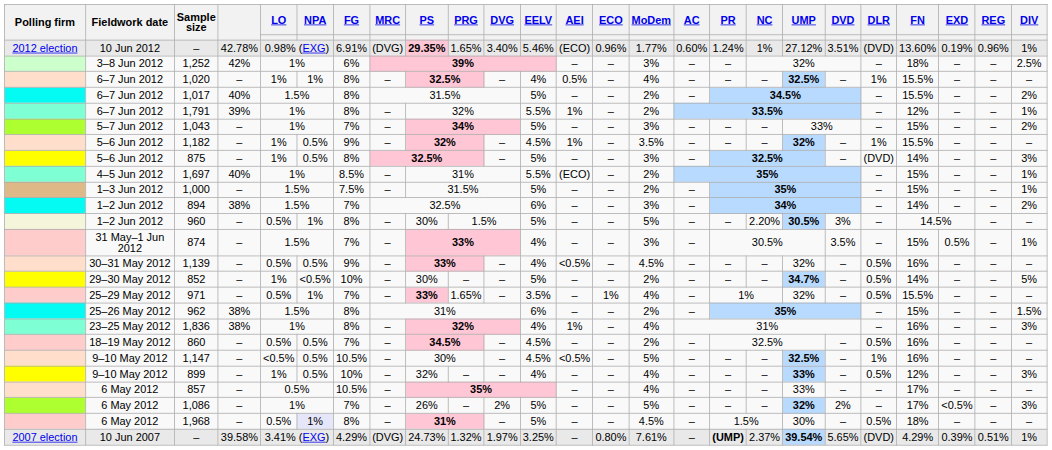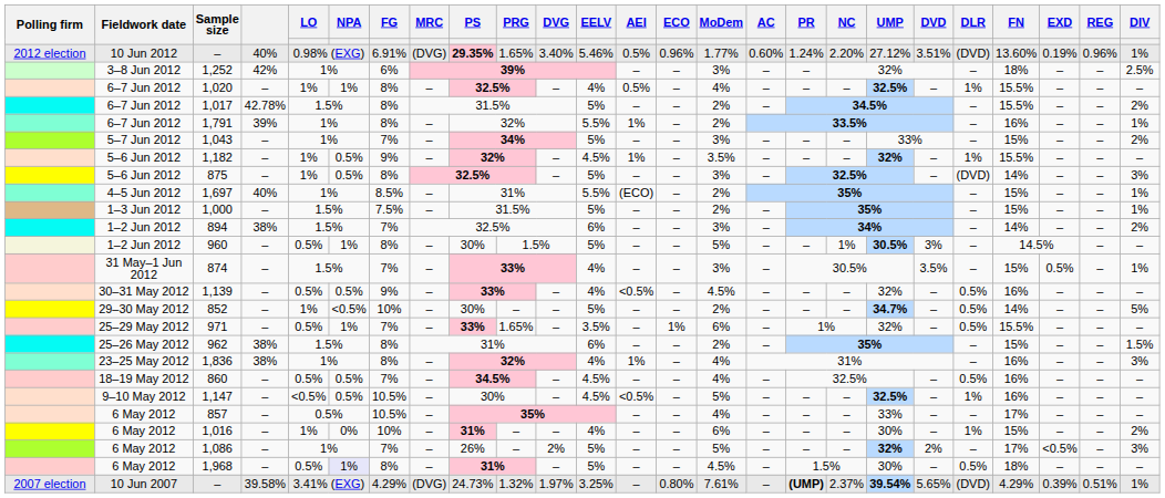 <table class="wikitable sortable" style="text-align:center;font-size:90%;line-height:14px;">
 <tr style="height:40px;">
 <th style="width:100px;" rowspan="2">Polling firm</th>
 <th style="width:110px;" rowspan="2">Fieldwork date</th>
 <th style="width:35px;" rowspan="2">Sample<br>size</th>
 <th style="width:30px;" rowspan="2"></th>
 <th class="unsortable" style="width:40px;"><a href='#'>LO</a></th>
 <th class="unsortable" style="width:40px;"><a href='#'>NPA</a></th>
 <th class="unsortable" style="width:40px;"><a href='#'>FG</a></th>
 <th class="unsortable" style="width:40px;"><a href='#'>MRC</a></th>
 <th class="unsortable" style="width:40px;"><a href='#'>PS</a></th>
 <th class="unsortable" style="width:40px;"><a href='#'>PRG</a></th>
 <th class="unsortable" style="width:40px;"><a href='#'>DVG</a></th>
 <th class="unsortable" style="width:40px;"><a href='#'>EELV</a></th>
 <th class="unsortable" style="width:40px;"><a href='#'>AEI</a></th>
 <th class="unsortable" style="width:40px;"><a href='#'>ECO</a></th>
 <th class="unsortable" style="width:40px;"><a href='#'>MoDem</a></th>
 <th class="unsortable" style="width:40px;"><a href='#'>AC</a></th>
 <th class="unsortable" style="width:40px;"><a href='#'>PR</a></th>
 <th class="unsortable" style="width:40px;"><a href='#'>NC</a></th>
 <th class="unsortable" style="width:40px;"><a href='#'>UMP</a></th>
 <th class="unsortable" style="width:40px;"><a href='#'>DVD</a></th>
 <th class="unsortable" style="width:40px;"><a href='#'>DLR</a></th>
 <th class="unsortable" style="width:40px;"><a href='#'>FN</a></th>
 <th class="unsortable" style="width:40px;"><a href='#'>EXD</a></th>
 <th class="unsortable" style="width:40px;"><a href='#'>REG</a></th>
 <th class="unsortable" style="width:40px;"><a href='#'>DIV</a></th>
 </tr>
 <tr>
 <th style="background:"></th>
 <th style="background:"></th>
 <th style="background:"></th>
 <th style="background:"></th>
 <th style="background:"></th>
 <th style="background:"></th>
 <th style="background:"></th>
 <th style="background:"></th>
 <th style="background:"></th>
 <th style="background:"></th>
 <th style="background:"></th>
 <th style="background:"></th>
 <th style="background:"></th>
 <th style="background:"></th>
 <th style="background:"></th>
 <th style="background:"></th>
 <th style="background:"></th>
 <th style="background:"></th>
 <th style="background:"></th>
 <th style="background:"></th>
 <th style="background:"></th>
 </tr>
 <tr style="background:#E9E9E9;">
 <td><a href='#'>2012 election</a></td>
 <td data-sort-value="2012-06-10">10 Jun 2012</td>
 <td>–</td>
-<td>42.78%</td>
+<td>40%</td>
 <td colspan="2">0.98% (<a href='#'>EXG</a>)</td>
 <td>6.91%</td>
 <td>(DVG)</td>
 <td style="background:#FFC6D5;"><strong>29.35%</strong></td>
 <td>1.65%</td>
 <td>3.40%</td>
 <td>5.46%</td>
-<td>(ECO)</td>
+<td>0.5%</td>
 <td>0.96%</td>
 <td>1.77%</td>
 <td>0.60%</td>
 <td>1.24%</td>
-<td>1%</td>
+<td>2.20%</td>
 <td>27.12%</td>
 <td>3.51%</td>
 <td>(DVD)</td>
 <td>13.60%</td>
 <td>0.19%</td>
 <td>0.96%</td>
 <td>1%</td>
 </tr>
 <tr>
 <td style="background:#CCFFCC;"></td>
 <td data-sort-value="2012-06-08">3–8 Jun 2012</td>
 <td>1,252</td>
 <td>42%</td>
 <td colspan="2">1%</td>
 <td>6%</td>
 <td style="background:#FFC6D5;" colspan="5"><strong>39%</strong></td>
 <td>–</td>
 <td>–</td>
 <td>3%</td>
 <td>–</td>
 <td>–</td>
 <td colspan="3">32%</td>
 <td>–</td>
 <td>18%</td>
 <td>–</td>
 <td>–</td>
 <td>2.5%</td>
 </tr>
 <tr>
 <td style="background:#FFDFCC;"></td>
 <td data-sort-value="2012-06-07">6–7 Jun 2012</td>
 <td>1,020</td>
 <td>–</td>
 <td>1%</td>
 <td>1%</td>
 <td>8%</td>
 <td>–</td>
 <td style="background:#FFC6D5;" colspan="2"><strong>32.5%</strong></td>
 <td>–</td>
 <td>4%</td>
 <td>0.5%</td>
 <td>–</td>
 <td>4%</td>
 <td>–</td>
 <td>–</td>
 <td>–</td>
 <td style="background:#B9DAFF;"><strong>32.5%</strong></td>
 <td>–</td>
 <td>1%</td>
 <td>15.5%</td>
 <td>–</td>
 <td>–</td>
 <td>–</td>
 </tr>
 <tr>
 <td style="background:#04FBF4;"></td>
 <td data-sort-value="2012-06-07">6–7 Jun 2012</td>
 <td>1,017</td>
-<td>40%</td>
+<td>42.78%</td>
 <td colspan="2">1.5%</td>
 <td>8%</td>
 <td colspan="4">31.5%</td>
 <td>5%</td>
 <td>–</td>
 <td>–</td>
 <td>2%</td>
 <td>–</td>
 <td style="background:#B9DAFF;" colspan="4"><strong>34.5%</strong></td>
 <td>–</td>
 <td>15.5%</td>
 <td>–</td>
 <td>–</td>
 <td>2%</td>
 </tr>
 <tr>
 <td style="background:aquamarine;"></td>
 <td data-sort-value="2012-06-07">6–7 Jun 2012</td>
 <td>1,791</td>
 <td>39%</td>
 <td colspan="2">1%</td>
 <td>8%</td>
 <td>–</td>
 <td colspan="3">32%</td>
 <td>5.5%</td>
 <td>1%</td>
 <td>–</td>
 <td>2%</td>
 <td style="background:#B9DAFF;" colspan="5"><strong>33.5%</strong></td>
 <td>–</td>
-<td>12%</td>
+<td>16%</td>
 <td>–</td>
 <td>–</td>
 <td>1%</td>
 </tr>
 <tr>
 <td style="background:GreenYellow;"></td>
 <td data-sort-value="2012-06-07">5–7 Jun 2012</td>
 <td>1,043</td>
 <td>–</td>
 <td colspan="2">1%</td>
 <td>7%</td>
 <td>–</td>
 <td style="background:#FFC6D5;" colspan="3"><strong>34%</strong></td>
 <td>5%</td>
 <td>–</td>
 <td>–</td>
 <td>3%</td>
 <td>–</td>
 <td>–</td>
 <td>–</td>
 <td colspan="2">33%</td>
 <td>–</td>
 <td>15%</td>
 <td>–</td>
 <td>–</td>
 <td>2%</td>
 </tr>
 <tr>
 <td style="background:#FFDFCC;"></td>
 <td data-sort-value="2012-06-06">5–6 Jun 2012</td>
 <td>1,182</td>
 <td>–</td>
 <td>1%</td>
 <td>0.5%</td>
 <td>9%</td>
 <td>–</td>
 <td style="background:#FFC6D5;" colspan="2"><strong>32%</strong></td>
 <td>–</td>
 <td>4.5%</td>
 <td>1%</td>
 <td>–</td>
 <td>3.5%</td>
 <td>–</td>
 <td>–</td>
 <td>–</td>
 <td style="background:#B9DAFF;"><strong>32%</strong></td>
 <td>–</td>
 <td>1%</td>
 <td>15.5%</td>
 <td>–</td>
 <td>–</td>
 <td>–</td>
 </tr>
 <tr>
 <td style="background:yellow;"></td>
 <td data-sort-value="2012-06-06">5–6 Jun 2012</td>
 <td>875</td>
 <td>–</td>
 <td>1%</td>
 <td>0.5%</td>
 <td>8%</td>
 <td style="background:#FFC6D5;" colspan="3"><strong>32.5%</strong></td>
 <td>–</td>
 <td>5%</td>
 <td>–</td>
 <td>–</td>
 <td>3%</td>
 <td>–</td>
 <td style="background:#B9DAFF;" colspan="3"><strong>32.5%</strong></td>
 <td>–</td>
 <td>(DVD)</td>
 <td>14%</td>
 <td>–</td>
 <td>–</td>
 <td>3%</td>
 </tr>
 <tr>
 <td style="background:aquamarine;"></td>
 <td data-sort-value="2012-06-05">4–5 Jun 2012</td>
 <td>1,697</td>
 <td>40%</td>
 <td colspan="2">1%</td>
 <td>8.5%</td>
 <td>–</td>
 <td colspan="3">31%</td>
 <td>5.5%</td>
 <td>(ECO)</td>
 <td>–</td>
 <td>2%</td>
 <td style="background:#B9DAFF;" colspan="5"><strong>35%</strong></td>
 <td>–</td>
 <td>15%</td>
 <td>–</td>
 <td>–</td>
 <td>1%</td>
 </tr>
 <tr>
 <td style="background:burlywood;"></td>
 <td data-sort-value="2012-06-03">1–3 Jun 2012</td>
 <td>1,000</td>
 <td>–</td>
 <td colspan="2">1.5%</td>
 <td>7.5%</td>
 <td>–</td>
 <td colspan="3">31.5%</td>
 <td>5%</td>
 <td>–</td>
 <td>–</td>
 <td>2%</td>
 <td>–</td>
 <td style="background:#B9DAFF;" colspan="4"><strong>35%</strong></td>
 <td>–</td>
 <td>15%</td>
 <td>–</td>
 <td>–</td>
 <td>1%</td>
 </tr>
 <tr>
 <td style="background:#04FBF4;"></td>
 <td data-sort-value="2012-06-02">1–2 Jun 2012</td>
 <td>894</td>
 <td>38%</td>
 <td colspan="2">1.5%</td>
 <td>7%</td>
 <td colspan="4">32.5%</td>
 <td>6%</td>
 <td>–</td>
 <td>–</td>
 <td>3%</td>
 <td>–</td>
 <td style="background:#B9DAFF;" colspan="4"><strong>34%</strong></td>
 <td>–</td>
 <td>14%</td>
 <td>–</td>
 <td>–</td>
 <td>2%</td>
 </tr>
 <tr>
 <td style="background:beige;"></td>
 <td data-sort-value="2012-06-02">1–2 Jun 2012</td>
 <td>960</td>
 <td>–</td>
 <td>0.5%</td>
 <td>1%</td>
 <td>8%</td>
 <td>–</td>
 <td>30%</td>
 <td colspan="2">1.5%</td>
 <td>5%</td>
 <td>–</td>
 <td>–</td>
 <td>5%</td>
 <td>–</td>
 <td>–</td>
-<td>2.20%</td>
+<td>1%</td>
 <td style="background:#B9DAFF;"><strong>30.5%</strong></td>
 <td>3%</td>
 <td>–</td>
 <td colspan="2">14.5%</td>
 <td>–</td>
 <td>–</td>
 </tr>
 <tr>
 <td style="background:#FFCCCC;"></td>
 <td data-sort-value="2012-06-01">31 May–1 Jun 2012</td>
 <td>874</td>
 <td>–</td>
 <td colspan="2">1.5%</td>
 <td>7%</td>
 <td>–</td>
 <td style="background:#FFC6D5;" colspan="3"><strong>33%</strong></td>
 <td>4%</td>
 <td>–</td>
 <td>–</td>
 <td>3%</td>
 <td>–</td>
 <td colspan="3">30.5%</td>
 <td>3.5%</td>
 <td>–</td>
 <td>15%</td>
 <td>0.5%</td>
 <td>–</td>
 <td>1%</td>
 </tr>
 <tr>
 <td style="background:#FFDFCC;"></td>
 <td data-sort-value="2012-05-31">30–31 May 2012</td>
 <td>1,139</td>
 <td>–</td>
 <td>0.5%</td>
 <td>0.5%</td>
 <td>9%</td>
 <td>–</td>
 <td style="background:#FFC6D5;" colspan="2"><strong>33%</strong></td>
 <td>–</td>
 <td>4%</td>
 <td data-sort-value="0%"><0.5%</td>
 <td>–</td>
 <td>4.5%</td>
 <td>–</td>
 <td>–</td>
 <td>–</td>
 <td>32%</td>
 <td>–</td>
 <td>0.5%</td>
 <td>16%</td>
 <td>–</td>
 <td>–</td>
 <td>–</td>
 </tr>
 <tr>
 <td style="background:yellow;"></td>
 <td data-sort-value="2012-05-30">29–30 May 2012</td>
 <td>852</td>
 <td>–</td>
 <td>1%</td>
 <td data-sort-value="0%"><0.5%</td>
 <td>10%</td>
 <td>–</td>
 <td>30%</td>
 <td>–</td>
 <td>–</td>
 <td>5%</td>
 <td>–</td>
 <td>–</td>
 <td>2%</td>
 <td>–</td>
 <td>–</td>
 <td>–</td>
 <td style="background:#B9DAFF;"><strong>34.7%</strong></td>
 <td>–</td>
 <td>0.5%</td>
 <td>14%</td>
 <td>–</td>
 <td>–</td>
 <td>5%</td>
 </tr>
 <tr>
 <td style="background:#FFCCCC;"></td>
 <td data-sort-value="2012-05-29">25–29 May 2012</td>
 <td>971</td>
 <td>–</td>
 <td>0.5%</td>
 <td>1%</td>
 <td>7%</td>
 <td>–</td>
 <td style="background:#FFC6D5;"><strong>33%</strong></td>
 <td>1.65%</td>
 <td>–</td>
 <td>3.5%</td>
 <td>–</td>
 <td>1%</td>
-<td>4%</td>
+<td>6%</td>
 <td>–</td>
 <td colspan="2">1%</td>
 <td>32%</td>
 <td>–</td>
 <td>0.5%</td>
 <td>15.5%</td>
 <td>–</td>
 <td>–</td>
 <td>–</td>
 </tr>
 <tr>
 <td style="background:#04FBF4;"></td>
 <td data-sort-value="2012-05-26">25–26 May 2012</td>
 <td>962</td>
 <td>38%</td>
 <td colspan="2">1.5%</td>
 <td>8%</td>
 <td colspan="4">31%</td>
 <td>6%</td>
 <td>–</td>
 <td>–</td>
 <td>2%</td>
 <td>–</td>
 <td style="background:#B9DAFF;" colspan="4"><strong>35%</strong></td>
 <td>–</td>
 <td>15%</td>
 <td>–</td>
 <td>–</td>
 <td>1.5%</td>
 </tr>
 <tr>
 <td style="background:aquamarine;"></td>
 <td data-sort-value="2012-05-25">23–25 May 2012</td>
 <td>1,836</td>
 <td>38%</td>
 <td colspan="2">1%</td>
 <td>8%</td>
 <td>–</td>
 <td style="background:#FFC6D5;" colspan="3"><strong>32%</strong></td>
 <td>4%</td>
 <td>1%</td>
 <td>–</td>
 <td>4%</td>
 <td colspan="5">31%</td>
 <td>–</td>
 <td>16%</td>
 <td>–</td>
 <td>–</td>
 <td>3%</td>
 </tr>
 <tr>
 <td style="background:#FFCCCC;"></td>
 <td data-sort-value="2012-05-19">18–19 May 2012</td>
 <td>860</td>
 <td>–</td>
 <td>0.5%</td>
 <td>0.5%</td>
 <td>7%</td>
 <td>–</td>
 <td style="background:#FFC6D5;" colspan="2"><strong>34.5%</strong></td>
 <td>–</td>
 <td>4.5%</td>
 <td>–</td>
 <td>–</td>
-<td>2%</td>
+<td>4%</td>
 <td>–</td>
 <td colspan="3">32.5%</td>
 <td>–</td>
 <td>0.5%</td>
 <td>16%</td>
 <td>–</td>
 <td>–</td>
 <td>–</td>
 </tr>
 <tr>
 <td style="background:#FFDFCC;"></td>
 <td data-sort-value="2012-05-10">9–10 May 2012</td>
 <td>1,147</td>
 <td>–</td>
 <td data-sort-value="0%"><0.5%</td>
 <td>0.5%</td>
 <td>10.5%</td>
 <td>–</td>
 <td colspan="2">30%</td>
 <td>–</td>
 <td>4.5%</td>
 <td data-sort-value="0%"><0.5%</td>
 <td>–</td>
 <td>5%</td>
 <td>–</td>
 <td>–</td>
 <td>–</td>
 <td style="background:#B9DAFF;"><strong>32.5%</strong></td>
 <td>–</td>
 <td>1%</td>
 <td>16%</td>
 <td>–</td>
 <td>–</td>
 <td>–</td>
 </tr>
 <tr>
-<td style="background:yellow;"></td>
-<td data-sort-value="2012-05-10">9–10 May 2012</td>
-<td>899</td>
-<td>–</td>
-<td>1%</td>
-<td>0.5%</td>
-<td>10%</td>
-<td>–</td>
-<td>32%</td>
-<td>–</td>
-<td>–</td>
-<td>4%</td>
-<td>–</td>
-<td>–</td>
-<td>4%</td>
-<td>–</td>
-<td>–</td>
-<td>–</td>
-<td style="background:#B9DAFF;"><strong>33%</strong></td>
-<td>–</td>
-<td>0.5%</td>
-<td>12%</td>
-<td>–</td>
-<td>–</td>
-<td>3%</td>
-</tr>
-<tr>
 <td style="background:#FFDFCC;"></td>
 <td data-sort-value="2012-05-06">6 May 2012</td>
 <td>857</td>
 <td>–</td>
 <td colspan="2">0.5%</td>
 <td>10.5%</td>
 <td>–</td>
 <td style="background:#FFC6D5;" colspan="4"><strong>35%</strong></td>
 <td>–</td>
 <td>–</td>
 <td>4%</td>
 <td>–</td>
 <td>–</td>
 <td>–</td>
 <td>33%</td>
 <td>–</td>
 <td>–</td>
 <td>17%</td>
 <td>–</td>
 <td>–</td>
 <td>–</td>
+</tr>
+<tr>
+<td style="background:yellow;"></td>
+<td data-sort-value="2012-05-06">6 May 2012</td>
+<td>1,016</td>
+<td>–</td>
+<td>1%</td>
+<td>0%</td>
+<td>10%</td>
+<td>–</td>
+<td style="background:#FFC6D5;"><strong>31%</strong></td>
+<td>–</td>
+<td>–</td>
+<td>4%</td>
+<td>–</td>
+<td>–</td>
+<td>6%</td>
+<td>–</td>
+<td>–</td>
+<td>–</td>
+<td>30%</td>
+<td>–</td>
+<td>1%</td>
+<td>15%</td>
+<td>–</td>
+<td>–</td>
+<td>2%</td>
 </tr>
 <tr>
 <td style="background:GreenYellow;"></td>
 <td data-sort-value="2012-05-06">6 May 2012</td>
 <td>1,086</td>
 <td>–</td>
 <td colspan="2">1%</td>
 <td>7%</td>
 <td>–</td>
 <td>26%</td>
 <td>–</td>
 <td>2%</td>
 <td>5%</td>
 <td>–</td>
 <td>–</td>
 <td>5%</td>
 <td>–</td>
 <td>–</td>
 <td>–</td>
 <td style="background:#B9DAFF;"><strong>32%</strong></td>
 <td>2%</td>
 <td>–</td>
 <td>17%</td>
 <td data-sort-value="0%"><0.5%</td>
 <td>–</td>
 <td>3%</td>
 </tr>
 <tr>
 <td style="background:#FFCCCC;"></td>
 <td data-sort-value="2012-05-06">6 May 2012</td>
 <td>1,968</td>
 <td>–</td>
 <td>0.5%</td>
 <td style="background: lavender;">1%</td>
 <td>8%</td>
 <td>–</td>
 <td style="background:#FFC6D5;" colspan="2"><strong>31%</strong></td>
 <td>–</td>
 <td>5%</td>
 <td>–</td>
 <td>–</td>
 <td>4.5%</td>
 <td>–</td>
 <td colspan="2">1.5%</td>
 <td>30%</td>
 <td>–</td>
 <td>0.5%</td>
 <td>18%</td>
 <td>–</td>
 <td>–</td>
 <td>–</td>
 </tr>
 <tr style="background:#E9E9E9;">
 <td><a href='#'>2007 election</a></td>
 <td data-sort-value="2007-06-10">10 Jun 2007</td>
 <td>–</td>
 <td>39.58%</td>
 <td colspan="2">3.41% (<a href='#'>EXG</a>)</td>
 <td>4.29%</td>
 <td>(DVG)</td>
 <td>24.73%</td>
 <td>1.32%</td>
 <td>1.97%</td>
 <td>3.25%</td>
 <td>–</td>
 <td>0.80%</td>
 <td>7.61%</td>
 <td>–</td>
 <td><strong>(UMP)</strong></td>
 <td>2.37%</td>
 <td style="background:#B9DAFF;"><strong>39.54%</strong></td>
 <td>5.65%</td>
 <td>(DVD)</td>
 <td>4.29%</td>
 <td>0.39%</td>
 <td>0.51%</td>
 <td>1%</td>
 </tr>
 </table>
